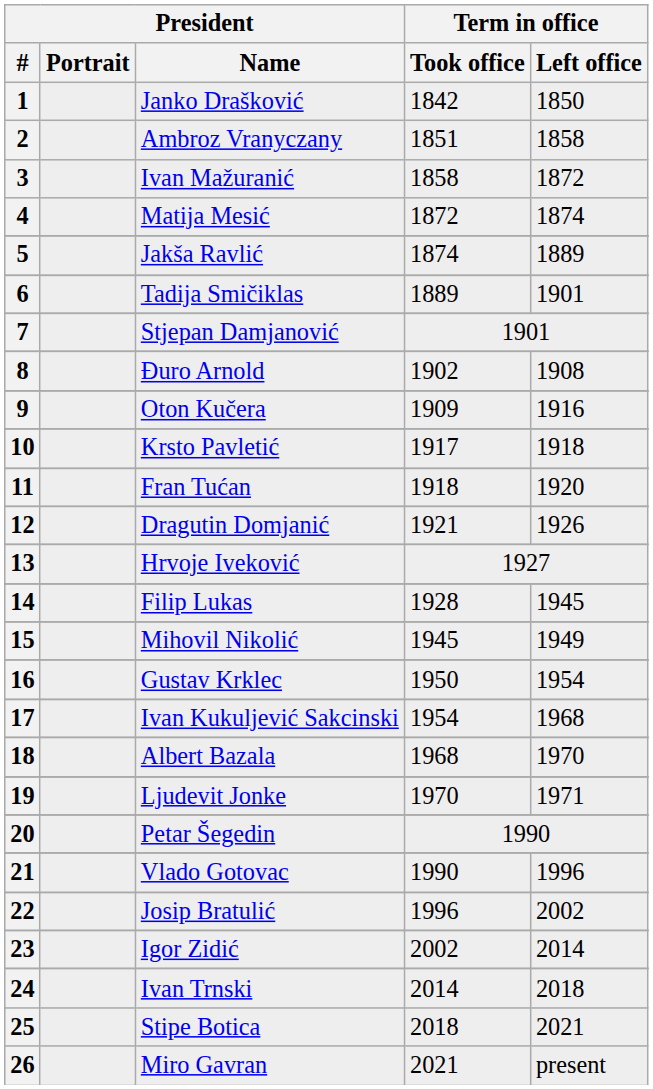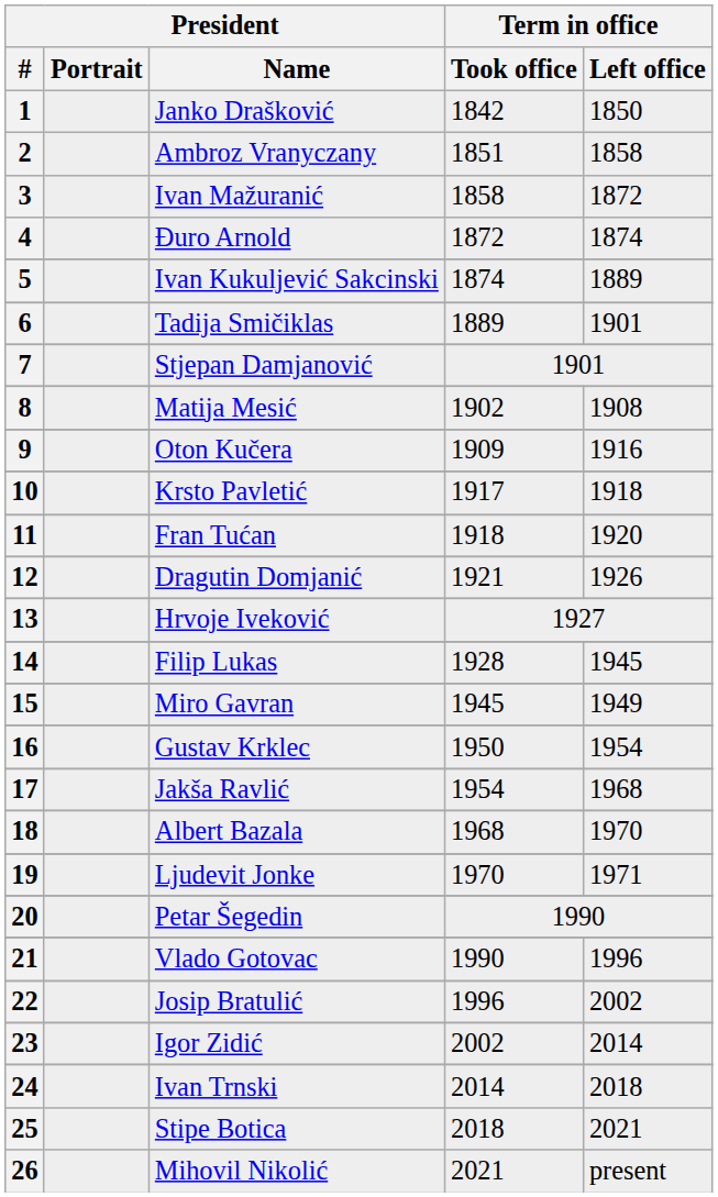 <table class="wikitable">
 <tr>
 <th colspan=3>President</th>
 <th colspan=3>Term in office</th>
 </tr>
 <tr ->
 <th>#</th>
 <th>Portrait</th>
 <th>Name</th>
 <th>Took office</th>
 <th>Left office</th>
 </tr>
 <tr - bgcolor=#EEEEEE>
 <th style="background:">1</th>
 <td></td>
 <td><a href='#'>Janko Drašković</a></td>
 <td>1842</td>
 <td>1850</td>
 </tr>
 <tr - bgcolor=#EEEEEE>
 <th style="background:">2</th>
 <td></td>
 <td><a href='#'>Ambroz Vranyczany</a></td>
 <td>1851</td>
 <td>1858</td>
 </tr>
 <tr - bgcolor=#EEEEEE>
 <th style="background:">3</th>
 <td></td>
 <td><a href='#'>Ivan Mažuranić</a></td>
 <td>1858</td>
 <td>1872</td>
 </tr>
 <tr - bgcolor=#EEEEEE>
 <th style="background:">4</th>
 <td></td>
-<td><a href='#'>Matija Mesić</a></td>
+<td><a href='#'>Đuro Arnold</a></td>
 <td>1872</td>
 <td>1874</td>
 </tr>
 <tr - bgcolor=#FFB6B6>
 </tr>
 <tr - bgcolor=#EEEEEE>
 <th style="background:">5</th>
 <td></td>
-<td><a href='#'>Jakša Ravlić</a></td>
+<td><a href='#'>Ivan Kukuljević Sakcinski</a></td>
 <td>1874</td>
 <td>1889</td>
 </tr>
 <tr - bgcolor=#FFB6B6>
 </tr>
 <tr - bgcolor=#EEEEEE>
 <th style="background:">6</th>
 <td></td>
 <td><a href='#'>Tadija Smičiklas</a></td>
 <td>1889</td>
 <td>1901</td>
 </tr>
 <tr - bgcolor=#FFB6B6>
 </tr>
 <tr - bgcolor=#EEEEEE>
 <th style="background:">7</th>
 <td></td>
 <td><a href='#'>Stjepan Damjanović</a></td>
 <td colspan="2" style="text-align:center;">1901</td>
 </tr>
 <tr - bgcolor=#FFB6B6>
 </tr>
 <tr - bgcolor=#EEEEEE>
 <th style="background:">8</th>
 <td></td>
-<td><a href='#'>Đuro Arnold</a></td>
+<td><a href='#'>Matija Mesić</a></td>
 <td>1902</td>
 <td>1908</td>
 </tr>
 <tr - bgcolor=#FFB6B6>
 </tr>
 <tr - bgcolor=#EEEEEE>
 <th style="background:">9</th>
 <td></td>
 <td><a href='#'>Oton Kučera</a></td>
 <td>1909</td>
 <td>1916</td>
 </tr>
 <tr - bgcolor=#FFB6B6>
 </tr>
 <tr - bgcolor=#EEEEEE>
 <th style="background:">10</th>
 <td></td>
 <td><a href='#'>Krsto Pavletić</a></td>
 <td>1917</td>
 <td>1918</td>
 </tr>
 <tr - bgcolor=#FFB6B6>
 </tr>
 <tr - bgcolor=#EEEEEE>
 <th style="background:">11</th>
 <td></td>
 <td><a href='#'>Fran Tućan</a></td>
 <td>1918</td>
 <td>1920</td>
 </tr>
 <tr - bgcolor=#FFB6B6>
 </tr>
 <tr - bgcolor=#EEEEEE>
 <th style="background:">12</th>
 <td></td>
 <td><a href='#'>Dragutin Domjanić</a></td>
 <td>1921</td>
 <td>1926</td>
 </tr>
 <tr - bgcolor=#FFB6B6>
 </tr>
 <tr - bgcolor=#EEEEEE>
 <th style="background:">13</th>
 <td></td>
 <td><a href='#'>Hrvoje Iveković</a></td>
 <td colspan="2" style="text-align:center;">1927</td>
 </tr>
 <tr - bgcolor=#FFB6B6>
 </tr>
 <tr - bgcolor=#EEEEEE>
 <th style="background:">14</th>
 <td></td>
 <td><a href='#'>Filip Lukas</a></td>
 <td>1928</td>
 <td>1945</td>
 </tr>
 <tr - bgcolor=#FFB6B6>
 </tr>
 <tr - bgcolor=#EEEEEE>
 <th style="background:">15</th>
 <td></td>
-<td><a href='#'>Mihovil Nikolić</a></td>
+<td><a href='#'>Miro Gavran</a></td>
 <td>1945</td>
 <td>1949</td>
 </tr>
 <tr - bgcolor=#FFB6B6>
 </tr>
 <tr - bgcolor=#EEEEEE>
 <th style="background:">16</th>
 <td></td>
 <td><a href='#'>Gustav Krklec</a></td>
 <td>1950</td>
 <td>1954</td>
 </tr>
 <tr - bgcolor=#FFB6B6>
 </tr>
 <tr - bgcolor=#EEEEEE>
 <th style="background:">17</th>
 <td></td>
-<td><a href='#'>Ivan Kukuljević Sakcinski</a></td>
+<td><a href='#'>Jakša Ravlić</a></td>
 <td>1954</td>
 <td>1968</td>
 </tr>
 <tr - bgcolor=#FFB6B6>
 </tr>
 <tr - bgcolor=#EEEEEE>
 <th style="background:">18</th>
 <td></td>
 <td><a href='#'>Albert Bazala</a></td>
 <td>1968</td>
 <td>1970</td>
 </tr>
 <tr - bgcolor=#FFB6B6>
 </tr>
 <tr - bgcolor=#EEEEEE>
 <th style="background:">19</th>
 <td></td>
 <td><a href='#'>Ljudevit Jonke</a></td>
 <td>1970</td>
 <td>1971</td>
 </tr>
 <tr - bgcolor=#FFB6B6>
 </tr>
 <tr - bgcolor=#EEEEEE>
 <th style="background:">20</th>
 <td></td>
 <td><a href='#'>Petar Šegedin</a></td>
 <td colspan="2" style="text-align:center;">1990</td>
 </tr>
 <tr - bgcolor=#FFB6B6>
 </tr>
 <tr - bgcolor=#FFB6B6>
 </tr>
 <tr - bgcolor=#EEEEEE>
 <th style="background:">21</th>
 <td></td>
 <td><a href='#'>Vlado Gotovac</a></td>
 <td>1990</td>
 <td>1996</td>
 </tr>
 <tr - bgcolor=#FFB6B6>
 </tr>
 <tr - bgcolor=#FFB6B6>
 </tr>
 <tr - bgcolor=#EEEEEE>
 <th style="background:">22</th>
 <td></td>
 <td><a href='#'>Josip Bratulić</a></td>
 <td>1996</td>
 <td>2002</td>
 </tr>
 <tr - bgcolor=#FFB6B6>
 </tr>
 <tr - bgcolor=#FFB6B6>
 </tr>
 <tr - bgcolor=#FFB6B6>
 </tr>
 <tr - bgcolor=#EEEEEE>
 <th style="background:">23</th>
 <td></td>
 <td><a href='#'>Igor Zidić</a></td>
 <td>2002</td>
 <td>2014</td>
 </tr>
 <tr - bgcolor=#FFB6B6>
 </tr>
 <tr - bgcolor=#FFB6B6>
 </tr>
 <tr - bgcolor=#FFB6B6>
 </tr>
 <tr - bgcolor=#FFB6B6>
 </tr>
 <tr - bgcolor=#EEEEEE>
 <th style="background:">24</th>
 <td></td>
 <td><a href='#'>Ivan Trnski</a></td>
 <td>2014</td>
 <td>2018</td>
 </tr>
 <tr - bgcolor=#EEEEEE>
 <th style="background:">25</th>
 <td></td>
 <td><a href='#'>Stipe Botica</a></td>
 <td>2018</td>
 <td>2021</td>
 </tr>
 <tr - bgcolor=#EEEEEE>
 <th style="background:">26</th>
 <td></td>
-<td><a href='#'>Miro Gavran</a></td>
+<td><a href='#'>Mihovil Nikolić</a></td>
 <td>2021</td>
 <td>present</td>
 </tr>
 </table>
